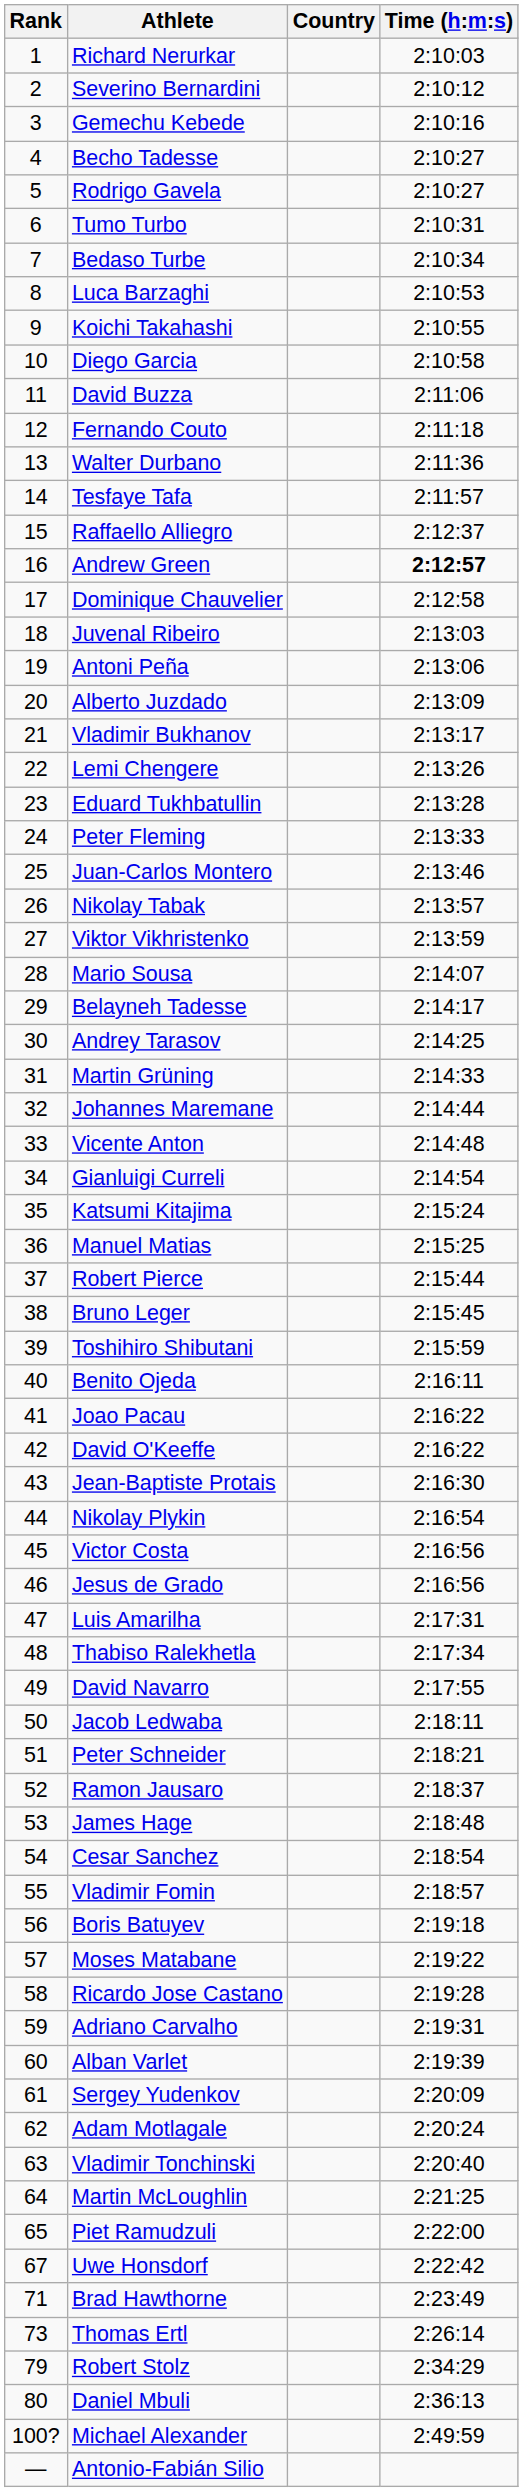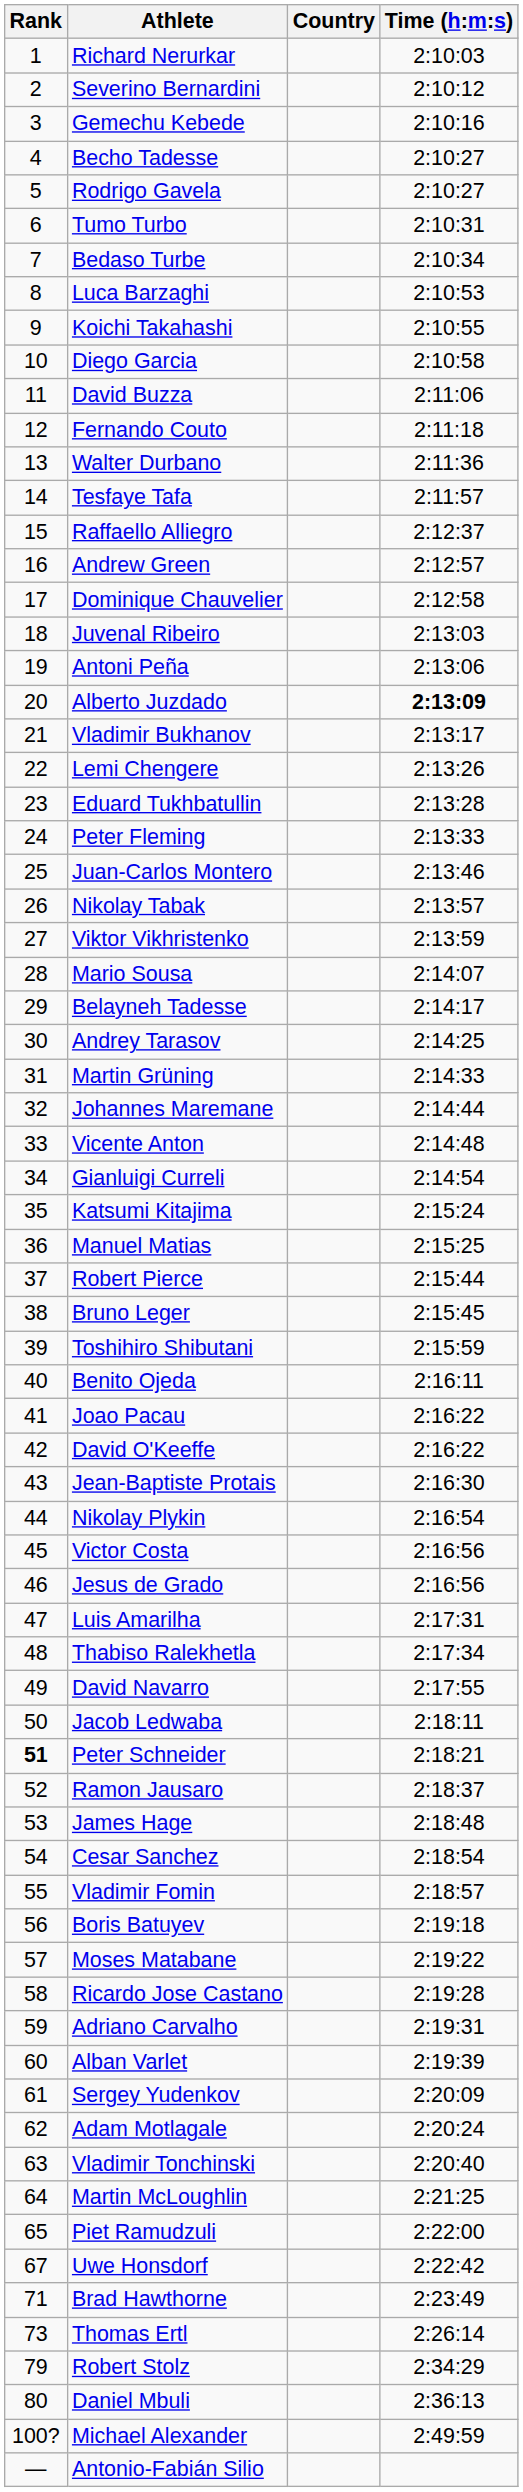 <table class="wikitable sortable" style="text-align:center;">
 <tr>
 <th>Rank</th>
 <th>Athlete</th>
 <th>Country</th>
 <th>Time (<a href='#'>h</a>:<a href='#'>m</a>:<a href='#'>s</a>)</th>
 </tr>
 <tr>
 <td>1</td>
 <td align=left><a href='#'>Richard Nerurkar</a></td>
 <td align=left></td>
 <td>2:10:03</td>
 </tr>
 <tr>
 <td>2</td>
 <td align=left><a href='#'>Severino Bernardini</a></td>
 <td align=left></td>
 <td>2:10:12</td>
 </tr>
 <tr>
 <td>3</td>
 <td align=left><a href='#'>Gemechu Kebede</a></td>
 <td align=left></td>
 <td>2:10:16</td>
 </tr>
 <tr>
 <td>4</td>
 <td align=left><a href='#'>Becho Tadesse</a></td>
 <td align=left></td>
 <td>2:10:27</td>
 </tr>
 <tr>
 <td>5</td>
 <td align=left><a href='#'>Rodrigo Gavela</a></td>
 <td align=left></td>
 <td>2:10:27</td>
 </tr>
 <tr>
 <td>6</td>
 <td align=left><a href='#'>Tumo Turbo</a></td>
 <td align=left></td>
 <td>2:10:31</td>
 </tr>
 <tr>
 <td>7</td>
 <td align=left><a href='#'>Bedaso Turbe</a></td>
 <td align=left></td>
 <td>2:10:34</td>
 </tr>
 <tr>
 <td>8</td>
 <td align=left><a href='#'>Luca Barzaghi</a></td>
 <td align=left></td>
 <td>2:10:53</td>
 </tr>
 <tr>
 <td>9</td>
 <td align=left><a href='#'>Koichi Takahashi</a></td>
 <td align=left></td>
 <td>2:10:55</td>
 </tr>
 <tr>
 <td>10</td>
 <td align=left><a href='#'>Diego Garcia</a></td>
 <td align=left></td>
 <td>2:10:58</td>
 </tr>
 <tr>
 <td>11</td>
 <td align=left><a href='#'>David Buzza</a></td>
 <td align=left></td>
 <td>2:11:06</td>
 </tr>
 <tr>
 <td>12</td>
 <td align=left><a href='#'>Fernando Couto</a></td>
 <td align=left></td>
 <td>2:11:18</td>
 </tr>
 <tr>
 <td>13</td>
 <td align=left><a href='#'>Walter Durbano</a></td>
 <td align=left></td>
 <td>2:11:36</td>
 </tr>
 <tr>
 <td>14</td>
 <td align=left><a href='#'>Tesfaye Tafa</a></td>
 <td align=left></td>
 <td>2:11:57</td>
 </tr>
 <tr>
 <td>15</td>
 <td align=left><a href='#'>Raffaello Alliegro</a></td>
 <td align=left></td>
 <td>2:12:37</td>
 </tr>
 <tr>
 <td>16</td>
 <td align=left><a href='#'>Andrew Green</a></td>
 <td align=left></td>
-<td><strong>2:12:57</strong></td>
+<td>2:12:57</td>
 </tr>
 <tr>
 <td>17</td>
 <td align=left><a href='#'>Dominique Chauvelier</a></td>
 <td align=left></td>
 <td>2:12:58</td>
 </tr>
 <tr>
 <td>18</td>
 <td align=left><a href='#'>Juvenal Ribeiro</a></td>
 <td align=left></td>
 <td>2:13:03</td>
 </tr>
 <tr>
 <td>19</td>
 <td align=left><a href='#'>Antoni Peña</a></td>
 <td align=left></td>
 <td>2:13:06</td>
 </tr>
 <tr>
 <td>20</td>
 <td align=left><a href='#'>Alberto Juzdado</a></td>
 <td align=left></td>
-<td>2:13:09</td>
+<td><strong>2:13:09</strong></td>
 </tr>
 <tr>
 <td>21</td>
 <td align=left><a href='#'>Vladimir Bukhanov</a></td>
 <td align=left></td>
 <td>2:13:17</td>
 </tr>
 <tr>
 <td>22</td>
 <td align=left><a href='#'>Lemi Chengere</a></td>
 <td align=left></td>
 <td>2:13:26</td>
 </tr>
 <tr>
 <td>23</td>
 <td align=left><a href='#'>Eduard Tukhbatullin</a></td>
 <td align=left></td>
 <td>2:13:28</td>
 </tr>
 <tr>
 <td>24</td>
 <td align=left><a href='#'>Peter Fleming</a></td>
 <td align=left></td>
 <td>2:13:33</td>
 </tr>
 <tr>
 <td>25</td>
 <td align=left><a href='#'>Juan-Carlos Montero</a></td>
 <td align=left></td>
 <td>2:13:46</td>
 </tr>
 <tr>
 <td>26</td>
 <td align=left><a href='#'>Nikolay Tabak</a></td>
 <td align=left></td>
 <td>2:13:57</td>
 </tr>
 <tr>
 <td>27</td>
 <td align=left><a href='#'>Viktor Vikhristenko</a></td>
 <td align=left></td>
 <td>2:13:59</td>
 </tr>
 <tr>
 <td>28</td>
 <td align=left><a href='#'>Mario Sousa</a></td>
 <td align=left></td>
 <td>2:14:07</td>
 </tr>
 <tr>
 <td>29</td>
 <td align=left><a href='#'>Belayneh Tadesse</a></td>
 <td align=left></td>
 <td>2:14:17</td>
 </tr>
 <tr>
 <td>30</td>
 <td align=left><a href='#'>Andrey Tarasov</a></td>
 <td align=left></td>
 <td>2:14:25</td>
 </tr>
 <tr>
 <td>31</td>
 <td align=left><a href='#'>Martin Grüning</a></td>
 <td align=left></td>
 <td>2:14:33</td>
 </tr>
 <tr>
 <td>32</td>
 <td align=left><a href='#'>Johannes Maremane</a></td>
 <td align=left></td>
 <td>2:14:44</td>
 </tr>
 <tr>
 <td>33</td>
 <td align=left><a href='#'>Vicente Anton</a></td>
 <td align=left></td>
 <td>2:14:48</td>
 </tr>
 <tr>
 <td>34</td>
 <td align=left><a href='#'>Gianluigi Curreli</a></td>
 <td align=left></td>
 <td>2:14:54</td>
 </tr>
 <tr>
 <td>35</td>
 <td align=left><a href='#'>Katsumi Kitajima</a></td>
 <td align=left></td>
 <td>2:15:24</td>
 </tr>
 <tr>
 <td>36</td>
 <td align=left><a href='#'>Manuel Matias</a></td>
 <td align=left></td>
 <td>2:15:25</td>
 </tr>
 <tr>
 <td>37</td>
 <td align=left><a href='#'>Robert Pierce</a></td>
 <td align=left></td>
 <td>2:15:44</td>
 </tr>
 <tr>
 <td>38</td>
 <td align=left><a href='#'>Bruno Leger</a></td>
 <td align=left></td>
 <td>2:15:45</td>
 </tr>
 <tr>
 <td>39</td>
 <td align=left><a href='#'>Toshihiro Shibutani</a></td>
 <td align=left></td>
 <td>2:15:59</td>
 </tr>
 <tr>
 <td>40</td>
 <td align=left><a href='#'>Benito Ojeda</a></td>
 <td align=left></td>
 <td>2:16:11</td>
 </tr>
 <tr>
 <td>41</td>
 <td align=left><a href='#'>Joao Pacau</a></td>
 <td align=left></td>
 <td>2:16:22</td>
 </tr>
 <tr>
 <td>42</td>
 <td align=left><a href='#'>David O'Keeffe</a></td>
 <td align=left></td>
 <td>2:16:22</td>
 </tr>
 <tr>
 <td>43</td>
 <td align=left><a href='#'>Jean-Baptiste Protais</a></td>
 <td align=left></td>
 <td>2:16:30</td>
 </tr>
 <tr>
 <td>44</td>
 <td align=left><a href='#'>Nikolay Plykin</a></td>
 <td align=left></td>
 <td>2:16:54</td>
 </tr>
 <tr>
 <td>45</td>
 <td align=left><a href='#'>Victor Costa</a></td>
 <td align=left></td>
 <td>2:16:56</td>
 </tr>
 <tr>
 <td>46</td>
 <td align=left><a href='#'>Jesus de Grado</a></td>
 <td align=left></td>
 <td>2:16:56</td>
 </tr>
 <tr>
 <td>47</td>
 <td align=left><a href='#'>Luis Amarilha</a></td>
 <td align=left></td>
 <td>2:17:31</td>
 </tr>
 <tr>
 <td>48</td>
 <td align=left><a href='#'>Thabiso Ralekhetla</a></td>
 <td align=left></td>
 <td>2:17:34</td>
 </tr>
 <tr>
 <td>49</td>
 <td align=left><a href='#'>David Navarro</a></td>
 <td align=left></td>
 <td>2:17:55</td>
 </tr>
 <tr>
 <td>50</td>
 <td align=left><a href='#'>Jacob Ledwaba</a></td>
 <td align=left></td>
 <td>2:18:11</td>
 </tr>
 <tr>
-<td>51</td>
+<td><strong>51</strong></td>
 <td align=left><a href='#'>Peter Schneider</a></td>
 <td align=left></td>
 <td>2:18:21</td>
 </tr>
 <tr>
 <td>52</td>
 <td align=left><a href='#'>Ramon Jausaro</a></td>
 <td align=left></td>
 <td>2:18:37</td>
 </tr>
 <tr>
 <td>53</td>
 <td align=left><a href='#'>James Hage</a></td>
 <td align=left></td>
 <td>2:18:48</td>
 </tr>
 <tr>
 <td>54</td>
 <td align=left><a href='#'>Cesar Sanchez</a></td>
 <td align=left></td>
 <td>2:18:54</td>
 </tr>
 <tr>
 <td>55</td>
 <td align=left><a href='#'>Vladimir Fomin</a></td>
 <td align=left></td>
 <td>2:18:57</td>
 </tr>
 <tr>
 <td>56</td>
 <td align=left><a href='#'>Boris Batuyev</a></td>
 <td align=left></td>
 <td>2:19:18</td>
 </tr>
 <tr>
 <td>57</td>
 <td align=left><a href='#'>Moses Matabane</a></td>
 <td align=left></td>
 <td>2:19:22</td>
 </tr>
 <tr>
 <td>58</td>
 <td align=left><a href='#'>Ricardo Jose Castano</a></td>
 <td align=left></td>
 <td>2:19:28</td>
 </tr>
 <tr>
 <td>59</td>
 <td align=left><a href='#'>Adriano Carvalho</a></td>
 <td align=left></td>
 <td>2:19:31</td>
 </tr>
 <tr>
 <td>60</td>
 <td align=left><a href='#'>Alban Varlet</a></td>
 <td align=left></td>
 <td>2:19:39</td>
 </tr>
 <tr>
 <td>61</td>
 <td align=left><a href='#'>Sergey Yudenkov</a></td>
 <td align=left></td>
 <td>2:20:09</td>
 </tr>
 <tr>
 <td>62</td>
 <td align=left><a href='#'>Adam Motlagale</a></td>
 <td align=left></td>
 <td>2:20:24</td>
 </tr>
 <tr>
 <td>63</td>
 <td align=left><a href='#'>Vladimir Tonchinski</a></td>
 <td align=left></td>
 <td>2:20:40</td>
 </tr>
 <tr>
 <td>64</td>
 <td align=left><a href='#'>Martin McLoughlin</a></td>
 <td align=left></td>
 <td>2:21:25</td>
 </tr>
 <tr>
 <td>65</td>
 <td align=left><a href='#'>Piet Ramudzuli</a></td>
 <td align=left></td>
 <td>2:22:00</td>
 </tr>
 <tr>
 <td>67</td>
 <td align=left><a href='#'>Uwe Honsdorf</a></td>
 <td align=left></td>
 <td>2:22:42</td>
 </tr>
 <tr>
 <td>71</td>
 <td align=left><a href='#'>Brad Hawthorne</a></td>
 <td align=left></td>
 <td>2:23:49</td>
 </tr>
 <tr>
 <td>73</td>
 <td align=left><a href='#'>Thomas Ertl</a></td>
 <td align=left></td>
 <td>2:26:14</td>
 </tr>
 <tr>
 <td>79</td>
 <td align=left><a href='#'>Robert Stolz</a></td>
 <td align=left></td>
 <td>2:34:29</td>
 </tr>
 <tr>
 <td>80</td>
 <td align=left><a href='#'>Daniel Mbuli</a></td>
 <td align=left></td>
 <td>2:36:13</td>
 </tr>
 <tr>
 <td>100?</td>
 <td align=left><a href='#'>Michael Alexander</a></td>
 <td align=left></td>
 <td>2:49:59</td>
 </tr>
 <tr>
 <td>—</td>
 <td align=left><a href='#'>Antonio-Fabián Silio</a></td>
 <td align=left></td>
 <td></td>
 </tr>
 </table>
